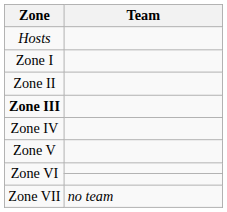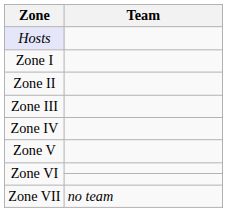 <table class="wikitable">
 <tr>
 <th width=60>Zone</th>
 <th width=170>Team</th>
 </tr>
 <tr>
-<td align=center><em>Hosts</em></td>
+<td align=center style="background: lavender;"><em>Hosts</em></td>
 <td></td>
 </tr>
 <tr>
 <td align=center>Zone I</td>
 <td></td>
 </tr>
 <tr>
 <td align=center>Zone II</td>
 <td></td>
 </tr>
 <tr>
-<td align=center><strong>Zone III</strong></td>
+<td align=center>Zone III</td>
 <td></td>
 </tr>
 <tr>
 <td align=center>Zone IV</td>
 <td></td>
 </tr>
 <tr>
 <td align=center>Zone V</td>
 <td></td>
 </tr>
 <tr>
 <td align=center rowspan=2>Zone VI</td>
 <td></td>
 </tr>
 <tr>
 <td></td>
 </tr>
 <tr>
 <td align=center>Zone VII</td>
 <td><em>no team</em></td>
 </tr>
 </table>
